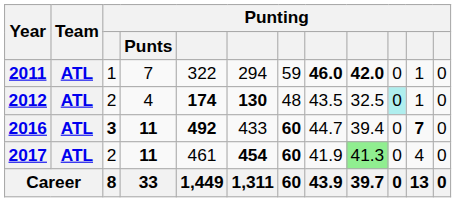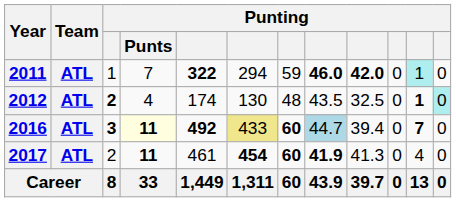 <table class=wikitable style="text-align:center;">
 <tr>
 <th rowspan="2">Year</th>
 <th rowspan="2">Team</th>
 <th colspan="10">Punting</th>
 </tr>
 <tr>
 <th></th>
 <th>Punts</th>
 <th></th>
 <th></th>
 <th></th>
 <th></th>
 <th></th>
 <th></th>
 <th></th>
 <th></th>
 </tr>
 <tr>
 <th><a href='#'>2011</a></th>
 <th><a href='#'>ATL</a></th>
 <td>1</td>
 <td>7</td>
-<td>322</td>
+<td><strong>322</strong></td>
 <td>294</td>
 <td>59</td>
 <td><strong>46.0</strong></td>
 <td><strong>42.0</strong></td>
 <td>0</td>
-<td>1</td>
+<td style="background: paleturquoise;">1</td>
 <td>0</td>
 </tr>
 <tr>
 <th><a href='#'>2012</a></th>
 <th><a href='#'>ATL</a></th>
-<td>2</td>
+<td><strong>2</strong></td>
 <td>4</td>
-<td><strong>174</strong></td>
-<td><strong>130</strong></td>
+<td>174</td>
+<td>130</td>
 <td>48</td>
 <td>43.5</td>
 <td>32.5</td>
+<td>0</td>
+<td><strong>1</strong></td>
 <td style="background: paleturquoise;">0</td>
-<td>1</td>
-<td>0</td>
 </tr>
 <tr>
 <th><a href='#'>2016</a></th>
 <th><a href='#'>ATL</a></th>
 <td><strong>3</strong></td>
-<td><strong>11</strong></td>
+<td style="background: lightyellow;"><strong>11</strong></td>
 <td><strong>492</strong></td>
-<td>433</td>
+<td style="background: khaki;">433</td>
 <td><strong>60</strong></td>
-<td>44.7</td>
+<td style="background: lightblue;">44.7</td>
 <td>39.4</td>
 <td>0</td>
 <td><strong>7</strong></td>
 <td>0</td>
 </tr>
 <tr>
 <th><a href='#'>2017</a></th>
 <th><a href='#'>ATL</a></th>
 <td>2</td>
 <td><strong>11</strong></td>
 <td>461</td>
 <td><strong>454</strong></td>
 <td><strong>60</strong></td>
-<td>41.9</td>
-<td style="background: lightgreen;">41.3</td>
+<td><strong>41.9</strong></td>
+<td>41.3</td>
 <td>0</td>
 <td>4</td>
 <td>0</td>
 </tr>
 <tr>
 <th colspan="2">Career</th>
 <th>8</th>
 <th>33</th>
 <th>1,449</th>
 <th>1,311</th>
 <th>60</th>
 <th>43.9</th>
 <th>39.7</th>
 <th>0</th>
 <th>13</th>
 <th>0</th>
 </tr>
 </table>
